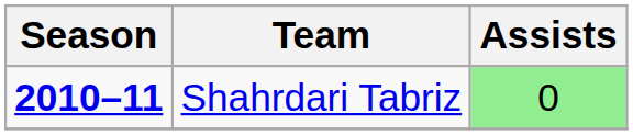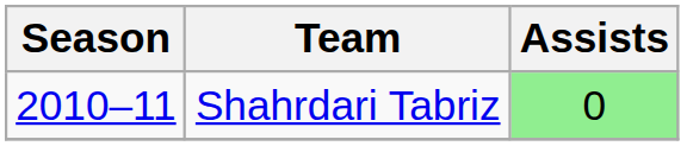 <table class="wikitable" style="text-align: center;">
 <tr>
 <th>Season</th>
 <th>Team</th>
 <th>Assists</th>
 </tr>
 <tr>
-<td><strong><a href='#'>2010–11</a></strong></td>
+<td><a href='#'>2010–11</a></td>
 <td align="left"><a href='#'>Shahrdari Tabriz</a></td>
 <td style="background: lightgreen;">0</td>
 </tr>
 <tr>
 </tr>
 </table>
